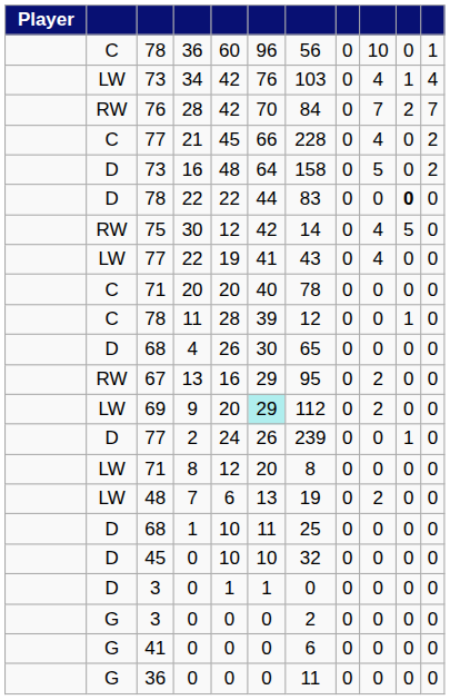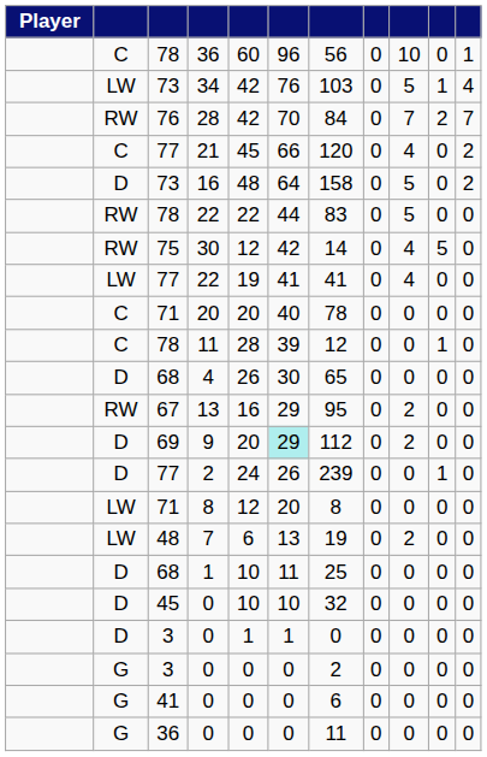 <table class="wikitable sortable" style="width:60%; text-align:center;">
 <tr align=center>
 <th style="color:white; background:#081073; ">Player</th>
 <th style="color:white; background:#081073; "></th>
 <th style="color:white; background:#081073; "></th>
 <th style="color:white;background:#081073; "></th>
 <th style="color:white;background:#081073; "></th>
 <th style="color:white;background:#081073; "></th>
 <th style="color:white;background:#081073; "></th>
 <th style="color:white; background:#081073; "></th>
 <th style="color:white;background:#081073; "></th>
 <th style="color:white;background:#081073; "></th>
 <th style="color:white;background:#081073; "></th>
 </tr>
 <tr>
 <td align="right"></td>
 <td>C</td>
 <td>78</td>
 <td>36</td>
 <td>60</td>
 <td>96</td>
 <td>56</td>
 <td>0</td>
 <td>10</td>
 <td>0</td>
 <td>1</td>
 </tr>
 <tr align="center">
 <td align="right"></td>
 <td>LW</td>
 <td>73</td>
 <td>34</td>
 <td>42</td>
 <td>76</td>
 <td>103</td>
 <td>0</td>
-<td>4</td>
+<td>5</td>
 <td>1</td>
 <td>4</td>
 </tr>
 <tr align="center">
 <td align="right"></td>
 <td>RW</td>
 <td>76</td>
 <td>28</td>
 <td>42</td>
 <td>70</td>
 <td>84</td>
 <td>0</td>
 <td>7</td>
 <td>2</td>
 <td>7</td>
 </tr>
 <tr align="center">
 <td align="right"></td>
 <td>C</td>
 <td>77</td>
 <td>21</td>
 <td>45</td>
 <td>66</td>
-<td>228</td>
+<td>120</td>
 <td>0</td>
 <td>4</td>
 <td>0</td>
 <td>2</td>
 </tr>
 <tr align="center">
 <td align="right"></td>
 <td>D</td>
 <td>73</td>
 <td>16</td>
 <td>48</td>
 <td>64</td>
 <td>158</td>
 <td>0</td>
 <td>5</td>
 <td>0</td>
 <td>2</td>
 </tr>
 <tr align="center">
 <td align="right"></td>
-<td>D</td>
+<td>RW</td>
 <td>78</td>
 <td>22</td>
 <td>22</td>
 <td>44</td>
 <td>83</td>
 <td>0</td>
+<td>5</td>
 <td>0</td>
-<td><strong>0</strong></td>
 <td>0</td>
 </tr>
 <tr align="center">
 <td align="right"></td>
 <td>RW</td>
 <td>75</td>
 <td>30</td>
 <td>12</td>
 <td>42</td>
 <td>14</td>
 <td>0</td>
 <td>4</td>
 <td>5</td>
 <td>0</td>
 </tr>
 <tr align="center">
 <td align="right"></td>
 <td>LW</td>
 <td>77</td>
 <td>22</td>
 <td>19</td>
 <td>41</td>
-<td>43</td>
+<td>41</td>
 <td>0</td>
 <td>4</td>
 <td>0</td>
 <td>0</td>
 </tr>
 <tr align="center">
 <td align="right"></td>
 <td>C</td>
 <td>71</td>
 <td>20</td>
 <td>20</td>
 <td>40</td>
 <td>78</td>
 <td>0</td>
 <td>0</td>
 <td>0</td>
 <td>0</td>
 </tr>
 <tr align="center">
 <td align="right"></td>
 <td>C</td>
 <td>78</td>
 <td>11</td>
 <td>28</td>
 <td>39</td>
 <td>12</td>
 <td>0</td>
 <td>0</td>
 <td>1</td>
 <td>0</td>
 </tr>
 <tr align="center">
 <td align="right"></td>
 <td>D</td>
 <td>68</td>
 <td>4</td>
 <td>26</td>
 <td>30</td>
 <td>65</td>
 <td>0</td>
 <td>0</td>
 <td>0</td>
 <td>0</td>
 </tr>
 <tr align="center">
 <td align="right"></td>
 <td>RW</td>
 <td>67</td>
 <td>13</td>
 <td>16</td>
 <td>29</td>
 <td>95</td>
 <td>0</td>
 <td>2</td>
 <td>0</td>
 <td>0</td>
 </tr>
 <tr align="center">
 <td align="right"></td>
-<td>LW</td>
+<td>D</td>
 <td>69</td>
 <td>9</td>
 <td>20</td>
 <td style="background: paleturquoise;">29</td>
 <td>112</td>
 <td>0</td>
 <td>2</td>
 <td>0</td>
 <td>0</td>
 </tr>
 <tr align="center">
 <td align="right"></td>
 <td>D</td>
 <td>77</td>
 <td>2</td>
 <td>24</td>
 <td>26</td>
 <td>239</td>
 <td>0</td>
 <td>0</td>
 <td>1</td>
 <td>0</td>
 </tr>
 <tr align="center">
 <td align="right"></td>
 <td>LW</td>
 <td>71</td>
 <td>8</td>
 <td>12</td>
 <td>20</td>
 <td>8</td>
 <td>0</td>
 <td>0</td>
 <td>0</td>
 <td>0</td>
 </tr>
 <tr align="center">
 <td align="right"></td>
 <td>LW</td>
 <td>48</td>
 <td>7</td>
 <td>6</td>
 <td>13</td>
 <td>19</td>
 <td>0</td>
 <td>2</td>
 <td>0</td>
 <td>0</td>
 </tr>
 <tr align="center">
 <td align="right"></td>
 <td>D</td>
 <td>68</td>
 <td>1</td>
 <td>10</td>
 <td>11</td>
 <td>25</td>
 <td>0</td>
 <td>0</td>
 <td>0</td>
 <td>0</td>
 </tr>
 <tr align="center">
 <td align="right"></td>
 <td>D</td>
 <td>45</td>
 <td>0</td>
 <td>10</td>
 <td>10</td>
 <td>32</td>
 <td>0</td>
 <td>0</td>
 <td>0</td>
 <td>0</td>
 </tr>
 <tr align="center">
 <td align="right"></td>
 <td>D</td>
 <td>3</td>
 <td>0</td>
 <td>1</td>
 <td>1</td>
 <td>0</td>
 <td>0</td>
 <td>0</td>
 <td>0</td>
 <td>0</td>
 </tr>
 <tr align="center">
 <td align="right"></td>
 <td>G</td>
 <td>3</td>
 <td>0</td>
 <td>0</td>
 <td>0</td>
 <td>2</td>
 <td>0</td>
 <td>0</td>
 <td>0</td>
 <td>0</td>
 </tr>
 <tr align="center">
 <td align="right"></td>
 <td>G</td>
 <td>41</td>
 <td>0</td>
 <td>0</td>
 <td>0</td>
 <td>6</td>
 <td>0</td>
 <td>0</td>
 <td>0</td>
 <td>0</td>
 </tr>
 <tr align="center">
 <td align="right"></td>
 <td>G</td>
 <td>36</td>
 <td>0</td>
 <td>0</td>
 <td>0</td>
 <td>11</td>
 <td>0</td>
 <td>0</td>
 <td>0</td>
 <td>0</td>
 </tr>
 </table>
